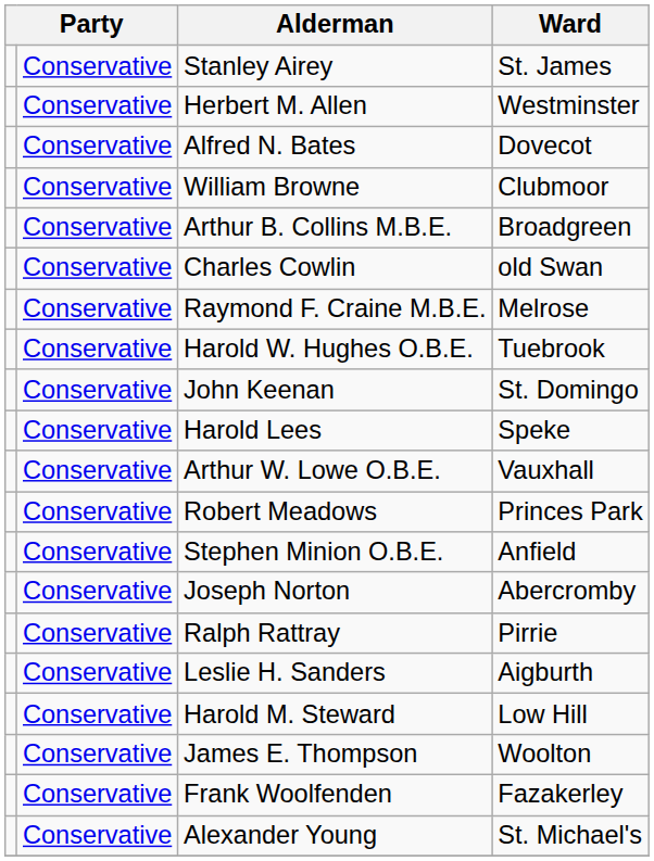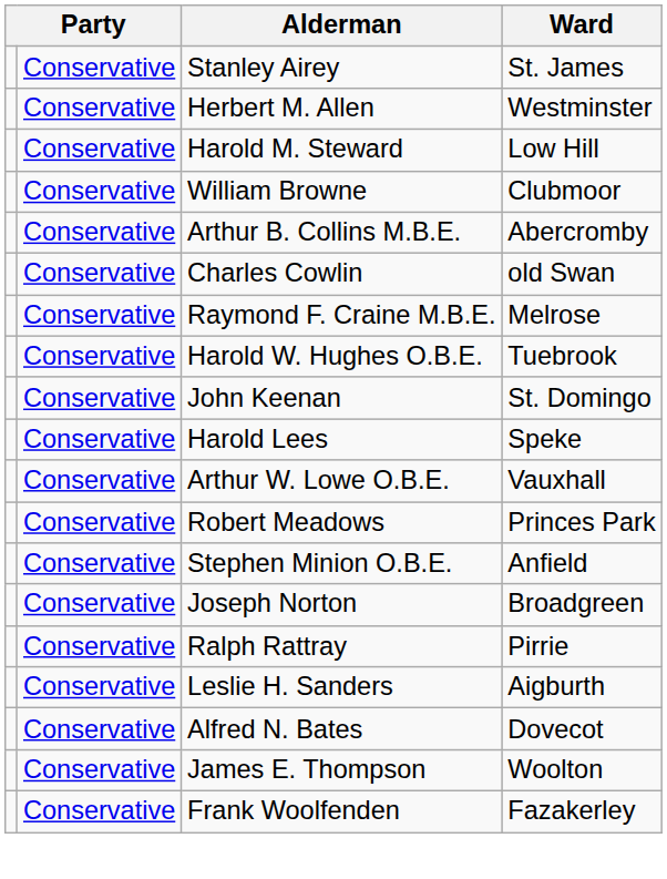 <table class="wikitable">
 <tr>
 <th colspan="2">Party</th>
 <th>Alderman</th>
 <th>Ward</th>
 </tr>
 <tr>
 <td style="background-color: "></td>
 <td><a href='#'>Conservative</a></td>
 <td>Stanley Airey</td>
 <td>St. James</td>
 </tr>
 <tr>
 <td style="background-color: "></td>
 <td><a href='#'>Conservative</a></td>
 <td>Herbert M. Allen</td>
 <td>Westminster</td>
 </tr>
 <tr>
 <td style="background-color: "></td>
 <td><a href='#'>Conservative</a></td>
-<td>Alfred N. Bates</td>
-<td>Dovecot</td>
+<td>Harold M. Steward</td>
+<td>Low Hill</td>
 </tr>
 <tr>
 <td style="background-color: "></td>
 <td><a href='#'>Conservative</a></td>
 <td>William Browne</td>
 <td>Clubmoor</td>
 </tr>
 <tr>
 <td style="background-color: "></td>
 <td><a href='#'>Conservative</a></td>
 <td>Arthur B. Collins M.B.E.</td>
-<td>Broadgreen</td>
+<td>Abercromby</td>
 </tr>
 <tr>
 <td style="background-color: "></td>
 <td><a href='#'>Conservative</a></td>
 <td>Charles Cowlin</td>
 <td>old Swan</td>
 </tr>
 <tr>
 <td style="background-color: "></td>
 <td><a href='#'>Conservative</a></td>
 <td>Raymond F. Craine M.B.E.</td>
 <td>Melrose</td>
 </tr>
 <tr>
 <td style="background-color: "></td>
 <td><a href='#'>Conservative</a></td>
 <td>Harold W. Hughes O.B.E.</td>
 <td>Tuebrook</td>
 </tr>
 <tr>
 <td style="background-color: "></td>
 <td><a href='#'>Conservative</a></td>
 <td>John Keenan</td>
 <td>St. Domingo</td>
 </tr>
 <tr>
 <td style="background-color: "></td>
 <td><a href='#'>Conservative</a></td>
 <td>Harold Lees</td>
 <td>Speke</td>
 </tr>
 <tr>
 <td style="background-color: "></td>
 <td><a href='#'>Conservative</a></td>
 <td>Arthur W. Lowe O.B.E.</td>
 <td>Vauxhall</td>
 </tr>
 <tr>
 <td style="background-color: "></td>
 <td><a href='#'>Conservative</a></td>
 <td>Robert Meadows</td>
 <td>Princes Park</td>
 </tr>
 <tr>
 <td style="background-color: "></td>
 <td><a href='#'>Conservative</a></td>
 <td>Stephen Minion O.B.E.</td>
 <td>Anfield</td>
 </tr>
 <tr>
 <td style="background-color: "></td>
 <td><a href='#'>Conservative</a></td>
 <td>Joseph Norton</td>
-<td>Abercromby</td>
+<td>Broadgreen</td>
 </tr>
 <tr>
 <td style="background-color: "></td>
 <td><a href='#'>Conservative</a></td>
 <td>Ralph Rattray</td>
 <td>Pirrie</td>
 </tr>
 <tr>
 <td style="background-color: "></td>
 <td><a href='#'>Conservative</a></td>
 <td>Leslie H. Sanders</td>
 <td>Aigburth</td>
 </tr>
 <tr>
 <td style="background-color: "></td>
 <td><a href='#'>Conservative</a></td>
-<td>Harold M. Steward</td>
-<td>Low Hill</td>
+<td>Alfred N. Bates</td>
+<td>Dovecot</td>
 </tr>
 <tr>
 <td style="background-color: "></td>
 <td><a href='#'>Conservative</a></td>
 <td>James E. Thompson</td>
 <td>Woolton</td>
 </tr>
 <tr>
 <td style="background-color: "></td>
 <td><a href='#'>Conservative</a></td>
 <td>Frank Woolfenden</td>
 <td>Fazakerley</td>
 </tr>
 <tr>
-<td style="background-color: "></td>
-<td><a href='#'>Conservative</a></td>
-<td>Alexander Young</td>
-<td>St. Michael's</td>
-</tr>
-<tr>
 </tr>
 </table>
